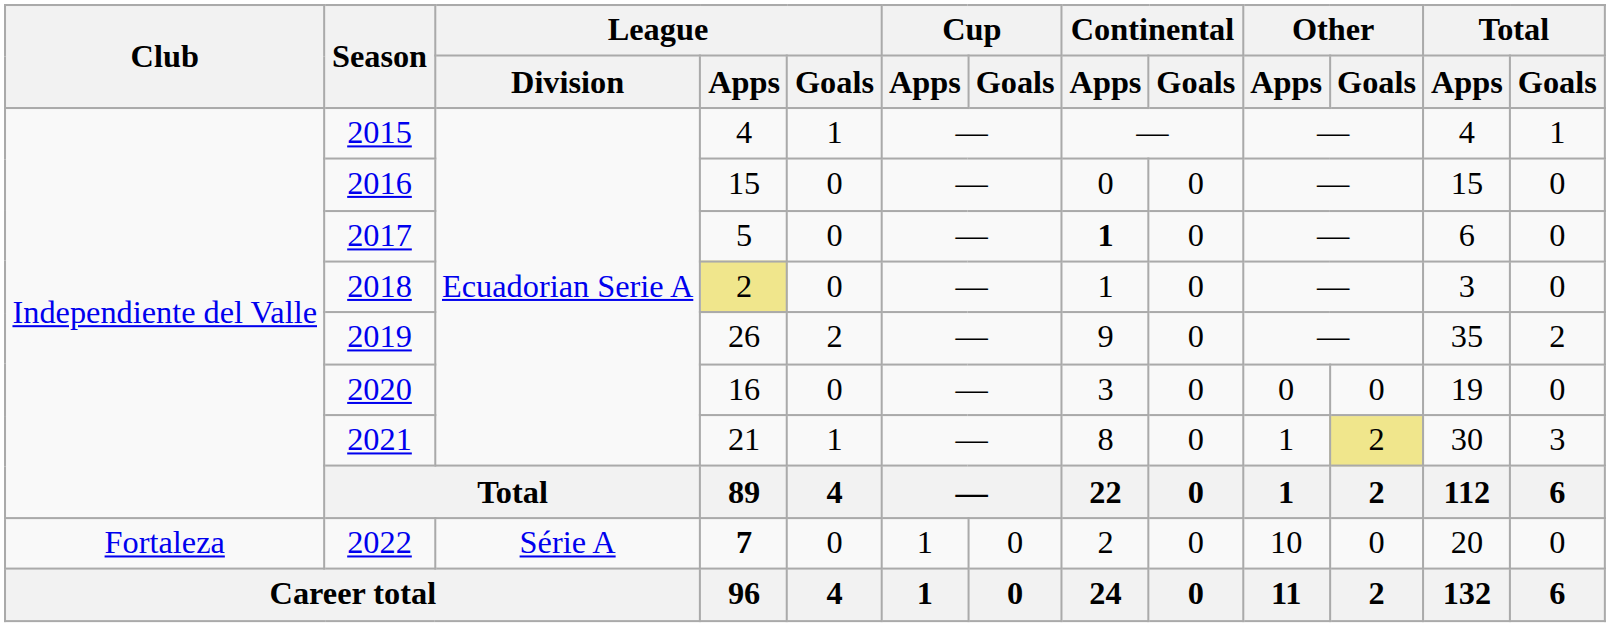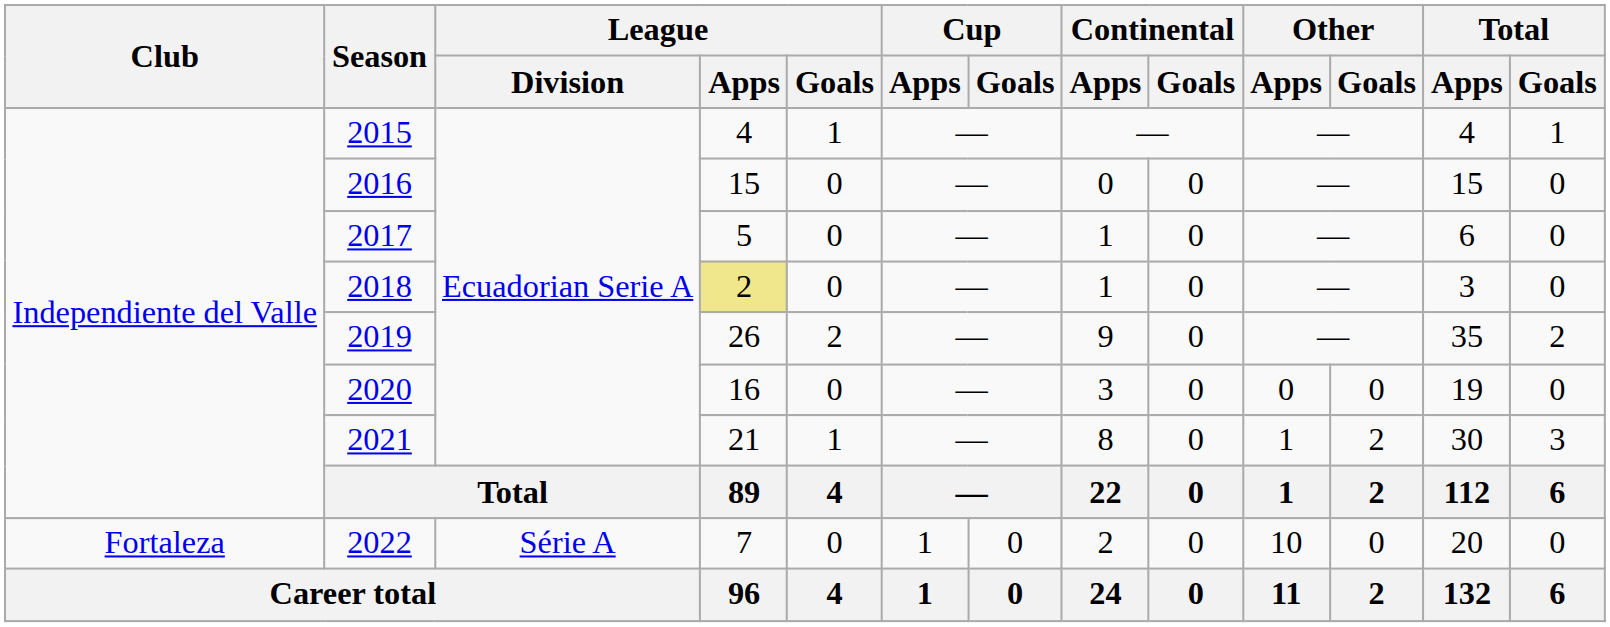 <table class="wikitable" style="text-align: center;">
 <tr>
 <th rowspan="2">Club</th>
 <th rowspan="2">Season</th>
 <th colspan="3">League</th>
 <th colspan="2">Cup</th>
 <th colspan="2">Continental</th>
 <th colspan="2">Other</th>
 <th colspan="2">Total</th>
 </tr>
 <tr>
 <th>Division</th>
 <th>Apps</th>
 <th>Goals</th>
 <th>Apps</th>
 <th>Goals</th>
 <th>Apps</th>
 <th>Goals</th>
 <th>Apps</th>
 <th>Goals</th>
 <th>Apps</th>
 <th>Goals</th>
 </tr>
 <tr>
 <td rowspan="8"><a href='#'>Independiente del Valle</a></td>
 <td><a href='#'>2015</a></td>
 <td rowspan="7"><a href='#'>Ecuadorian Serie A</a></td>
 <td>4</td>
 <td>1</td>
 <td colspan="2">—</td>
 <td colspan="2">—</td>
 <td colspan="2">—</td>
 <td>4</td>
 <td>1</td>
 </tr>
 <tr>
 <td><a href='#'>2016</a></td>
 <td>15</td>
 <td>0</td>
 <td colspan="2">—</td>
 <td>0</td>
 <td>0</td>
 <td colspan="2">—</td>
 <td>15</td>
 <td>0</td>
 </tr>
 <tr>
 <td><a href='#'>2017</a></td>
 <td>5</td>
 <td>0</td>
 <td colspan="2">—</td>
-<td><strong>1</strong></td>
+<td>1</td>
 <td>0</td>
 <td colspan="2">—</td>
 <td>6</td>
 <td>0</td>
 </tr>
 <tr>
 <td><a href='#'>2018</a></td>
 <td style="background: khaki;">2</td>
 <td>0</td>
 <td colspan="2">—</td>
 <td>1</td>
 <td>0</td>
 <td colspan="2">—</td>
 <td>3</td>
 <td>0</td>
 </tr>
 <tr>
 <td><a href='#'>2019</a></td>
 <td>26</td>
 <td>2</td>
 <td colspan="2">—</td>
 <td>9</td>
 <td>0</td>
 <td colspan="2">—</td>
 <td>35</td>
 <td>2</td>
 </tr>
 <tr>
 <td><a href='#'>2020</a></td>
 <td>16</td>
 <td>0</td>
 <td colspan="2">—</td>
 <td>3</td>
 <td>0</td>
 <td>0</td>
 <td>0</td>
 <td>19</td>
 <td>0</td>
 </tr>
 <tr>
 <td><a href='#'>2021</a></td>
 <td>21</td>
 <td>1</td>
 <td colspan="2">—</td>
 <td>8</td>
 <td>0</td>
 <td>1</td>
-<td style="background: khaki;">2</td>
+<td>2</td>
 <td>30</td>
 <td>3</td>
 </tr>
 <tr>
 <th colspan="2">Total</th>
 <th>89</th>
 <th>4</th>
 <th colspan="2">—</th>
 <th>22</th>
 <th>0</th>
 <th>1</th>
 <th>2</th>
 <th>112</th>
 <th>6</th>
 </tr>
 <tr>
 <td><a href='#'>Fortaleza</a></td>
 <td><a href='#'>2022</a></td>
 <td><a href='#'>Série A</a></td>
-<td><strong>7</strong></td>
+<td>7</td>
 <td>0</td>
 <td>1</td>
 <td>0</td>
 <td>2</td>
 <td>0</td>
 <td>10</td>
 <td>0</td>
 <td>20</td>
 <td>0</td>
 </tr>
 <tr>
 <th colspan="3">Career total</th>
 <th>96</th>
 <th>4</th>
 <th>1</th>
 <th>0</th>
 <th>24</th>
 <th>0</th>
 <th>11</th>
 <th>2</th>
 <th>132</th>
 <th>6</th>
 </tr>
 </table>
